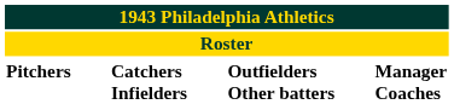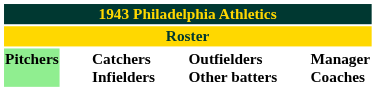 <table class="toccolours" style="font-size: 95%;">
 <tr>
 <th colspan="10" style="background-color: #003831; color: #FFD800; text-align: center;">1943 Philadelphia Athletics</th>
 </tr>
 <tr>
 <td colspan="10" style="background-color: #FFD800; color: #003831; text-align: center;"><strong>Roster</strong></td>
 </tr>
 <tr>
-<td valign="top"><strong>Pitchers</strong><br>                 </td>
+<td valign="top" style="background: lightgreen;"><strong>Pitchers</strong><br>                 </td>
 <td width="25px"></td>
 <td valign="top"><strong>Catchers</strong><br>   <strong>Infielders</strong>         </td>
 <td width="25px"></td>
 <td valign="top"><strong>Outfielders</strong><br>           <strong>Other batters</strong>   </td>
 <td width="25px"></td>
 <td valign="top"><strong>Manager</strong><br> <strong>Coaches</strong>    </td>
 </tr>
 </table>
